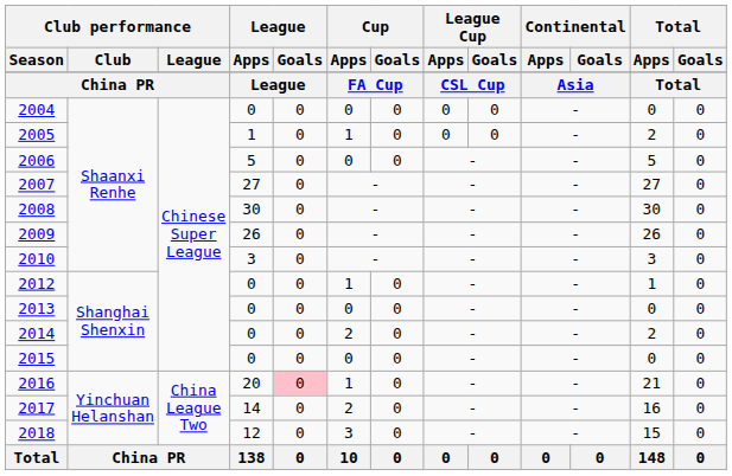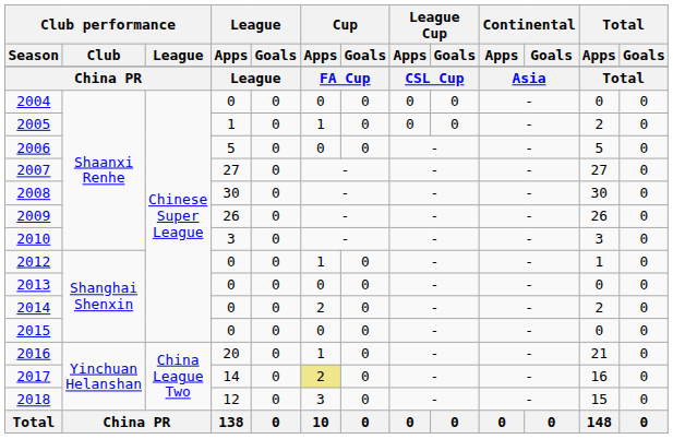 <table class="wikitable" style="text-align:center">
 <tr>
 <th colspan=3>Club performance</th>
 <th colspan=2>League</th>
 <th colspan=2>Cup</th>
 <th colspan=2>League Cup</th>
 <th colspan=2>Continental</th>
 <th colspan=2>Total</th>
 </tr>
 <tr>
 <th>Season</th>
 <th>Club</th>
 <th>League</th>
 <th>Apps</th>
 <th>Goals</th>
 <th>Apps</th>
 <th>Goals</th>
 <th>Apps</th>
 <th>Goals</th>
 <th>Apps</th>
 <th>Goals</th>
 <th>Apps</th>
 <th>Goals</th>
 </tr>
 <tr>
 </tr>
 <tr>
 <th colspan=3>China PR</th>
 <th colspan=2>League</th>
 <th colspan=2><a href='#'>FA Cup</a></th>
 <th colspan=2><a href='#'>CSL Cup</a></th>
 <th colspan=2><a href='#'>Asia</a></th>
 <th colspan=2>Total</th>
 </tr>
 <tr>
 <td><a href='#'>2004</a></td>
 <td rowspan="7"><a href='#'>Shaanxi Renhe</a></td>
 <td rowspan="11"><a href='#'>Chinese Super League</a></td>
 <td>0</td>
 <td>0</td>
 <td>0</td>
 <td>0</td>
 <td>0</td>
 <td>0</td>
 <td colspan="2">-</td>
 <td>0</td>
 <td>0</td>
 </tr>
 <tr>
 <td><a href='#'>2005</a></td>
 <td>1</td>
 <td>0</td>
 <td>1</td>
 <td>0</td>
 <td>0</td>
 <td>0</td>
 <td colspan="2">-</td>
 <td>2</td>
 <td>0</td>
 </tr>
 <tr>
 <td><a href='#'>2006</a></td>
 <td>5</td>
 <td>0</td>
 <td>0</td>
 <td>0</td>
 <td colspan="2">-</td>
 <td colspan="2">-</td>
 <td>5</td>
 <td>0</td>
 </tr>
 <tr>
 <td><a href='#'>2007</a></td>
 <td>27</td>
 <td>0</td>
 <td colspan="2">-</td>
 <td colspan="2">-</td>
 <td colspan="2">-</td>
 <td>27</td>
 <td>0</td>
 </tr>
 <tr>
 <td><a href='#'>2008</a></td>
 <td>30</td>
 <td>0</td>
 <td colspan="2">-</td>
 <td colspan="2">-</td>
 <td colspan="2">-</td>
 <td>30</td>
 <td>0</td>
 </tr>
 <tr>
 <td><a href='#'>2009</a></td>
 <td>26</td>
 <td>0</td>
 <td colspan="2">-</td>
 <td colspan="2">-</td>
 <td colspan="2">-</td>
 <td>26</td>
 <td>0</td>
 </tr>
 <tr>
 <td><a href='#'>2010</a></td>
 <td>3</td>
 <td>0</td>
 <td colspan="2">-</td>
 <td colspan="2">-</td>
 <td colspan="2">-</td>
 <td>3</td>
 <td>0</td>
 </tr>
 <tr>
 <td><a href='#'>2012</a></td>
 <td rowspan="4"><a href='#'>Shanghai Shenxin</a></td>
 <td>0</td>
 <td>0</td>
 <td>1</td>
 <td>0</td>
 <td colspan="2">-</td>
 <td colspan="2">-</td>
 <td>1</td>
 <td>0</td>
 </tr>
 <tr>
 <td><a href='#'>2013</a></td>
 <td>0</td>
 <td>0</td>
 <td>0</td>
 <td>0</td>
 <td colspan="2">-</td>
 <td colspan="2">-</td>
 <td>0</td>
 <td>0</td>
 </tr>
 <tr>
 <td><a href='#'>2014</a></td>
 <td>0</td>
 <td>0</td>
 <td>2</td>
 <td>0</td>
 <td colspan="2">-</td>
 <td colspan="2">-</td>
 <td>2</td>
 <td>0</td>
 </tr>
 <tr>
 <td><a href='#'>2015</a></td>
 <td>0</td>
 <td>0</td>
 <td>0</td>
 <td>0</td>
 <td colspan="2">-</td>
 <td colspan="2">-</td>
 <td>0</td>
 <td>0</td>
 </tr>
 <tr>
 <td><a href='#'>2016</a></td>
 <td rowspan="3"><a href='#'>Yinchuan Helanshan</a></td>
 <td rowspan="3"><a href='#'>China League Two</a></td>
 <td>20</td>
-<td style="background: pink;">0</td>
+<td>0</td>
 <td>1</td>
 <td>0</td>
 <td colspan="2">-</td>
 <td colspan="2">-</td>
 <td>21</td>
 <td>0</td>
 </tr>
 <tr>
 <td><a href='#'>2017</a></td>
 <td>14</td>
 <td>0</td>
-<td>2</td>
+<td style="background: khaki;">2</td>
 <td>0</td>
 <td colspan="2">-</td>
 <td colspan="2">-</td>
 <td>16</td>
 <td>0</td>
 </tr>
 <tr>
 <td><a href='#'>2018</a></td>
 <td>12</td>
 <td>0</td>
 <td>3</td>
 <td>0</td>
 <td colspan="2">-</td>
 <td colspan="2">-</td>
 <td>15</td>
 <td>0</td>
 </tr>
 <tr>
 <th rowspan=3>Total</th>
 <th colspan=2>China PR</th>
 <th>138</th>
 <th>0</th>
 <th>10</th>
 <th>0</th>
 <th>0</th>
 <th>0</th>
 <th>0</th>
 <th>0</th>
 <th>148</th>
 <th>0</th>
 </tr>
 </table>
